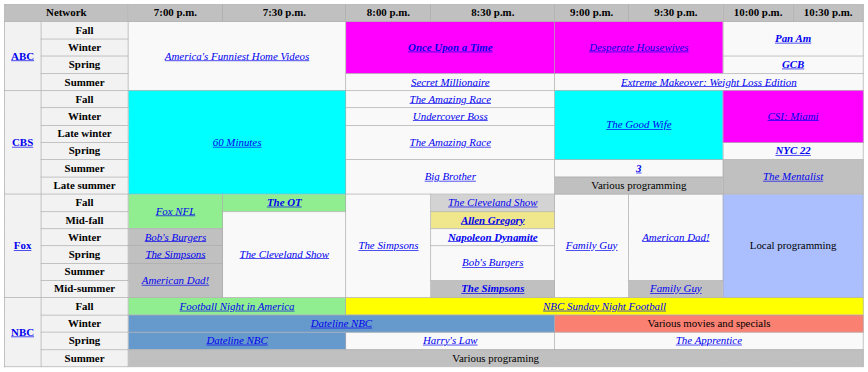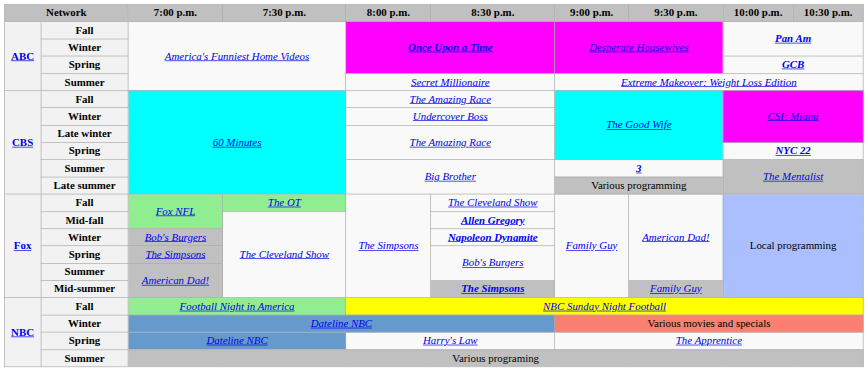 <table class="wikitable" style="width:100%;margin-right:0;text-align:center">
 <tr>
 <th colspan="2" style="background-color:#C0C0C0;text-align:center">Network</th>
 <th style="background-color:#C0C0C0;text-align:center">7:00 p.m.</th>
 <th style="background-color:#C0C0C0;text-align:center">7:30 p.m.</th>
 <th style="background-color:#C0C0C0;text-align:center">8:00 p.m.</th>
 <th style="background-color:#C0C0C0;text-align:center">8:30 p.m.</th>
 <th style="background-color:#C0C0C0;text-align:center">9:00 p.m.</th>
 <th style="background-color:#C0C0C0;text-align:center">9:30 p.m.</th>
 <th style="background-color:#C0C0C0;text-align:center">10:00 p.m.</th>
 <th style="background-color:#C0C0C0;text-align:center">10:30 p.m.</th>
 </tr>
 <tr>
 <th rowspan="4"><a href='#'>ABC</a></th>
 <th>Fall</th>
 <td rowspan="4" colspan="2"><em><a href='#'>America's Funniest Home Videos</a></em></td>
 <td style="background:#FF00FF;" rowspan="3" colspan="2"><strong><em><a href='#'>Once Upon a Time</a></em></strong> </td>
 <td style="background:#FF00FF;" rowspan="3" colspan="2"><em><a href='#'>Desperate Housewives</a></em> </td>
 <td colspan="2" rowspan="2"><strong><em><a href='#'>Pan Am</a></em></strong></td>
 </tr>
 <tr>
 <th>Winter</th>
 </tr>
 <tr>
 <th>Spring</th>
 <td colspan="2"><strong><em><a href='#'>GCB</a></em></strong></td>
 </tr>
 <tr>
 <th>Summer</th>
 <td colspan="2"><em><a href='#'>Secret Millionaire</a></em></td>
 <td colspan="4"><em><a href='#'>Extreme Makeover: Weight Loss Edition</a></em></td>
 </tr>
 <tr>
 <th rowspan="6"><a href='#'>CBS</a></th>
 <th>Fall</th>
 <td style="background:#00FFFF;" rowspan="6" colspan="2"><em><a href='#'>60 Minutes</a></em> </td>
 <td colspan="2"><em><a href='#'>The Amazing Race</a></em></td>
 <td style="background:#00FFFF;" rowspan="4" colspan="2"><em><a href='#'>The Good Wife</a></em> </td>
 <td style="background:#FF00FF;" rowspan="3" colspan="2"><em><a href='#'>CSI: Miami</a></em> </td>
 </tr>
 <tr>
 <th>Winter</th>
 <td colspan="2"><em><a href='#'>Undercover Boss</a></em></td>
 </tr>
 <tr>
 <th>Late winter</th>
 <td colspan="2" rowspan="2"><em><a href='#'>The Amazing Race</a></em></td>
 </tr>
 <tr>
 <th>Spring</th>
 <td colspan="2"><strong><em><a href='#'>NYC 22</a></em></strong></td>
 </tr>
 <tr>
 <th>Summer</th>
 <td colspan="2" rowspan="2"><em><a href='#'>Big Brother</a></em></td>
 <td colspan="2"><strong><em><a href='#'>3</a></em></strong></td>
 <td colspan="2" rowspan="2" style="background:#C0C0C0;"><em><a href='#'>The Mentalist</a></em> </td>
 </tr>
 <tr>
 <th>Late summer</th>
 <td colspan="2" style="background:#C0C0C0;">Various programming</td>
 </tr>
 <tr>
 <th rowspan="6"><a href='#'>Fox</a></th>
 <th>Fall</th>
 <td style="background:lightgreen;" rowspan="2"><em><a href='#'>Fox NFL</a></em></td>
-<td style="background:lightgreen;"><strong><em><a href='#'>The OT</a></em></strong></td>
+<td style="background:lightgreen;"><em><a href='#'>The OT</a></em></td>
 <td rowspan="6"><em><a href='#'>The Simpsons</a></em></td>
-<td style="background: lightgrey;"><em><a href='#'>The Cleveland Show</a></em></td>
+<td><em><a href='#'>The Cleveland Show</a></em></td>
 <td rowspan="6"><em><a href='#'>Family Guy</a></em></td>
 <td rowspan="5"><em><a href='#'>American Dad!</a></em></td>
 <td style="background:#abbfff;" rowspan="6" colspan="2">Local programming</td>
 </tr>
 <tr>
 <th>Mid-fall</th>
 <td rowspan="5"><em><a href='#'>The Cleveland Show</a></em></td>
-<td style="background: khaki;"><strong><em><a href='#'>Allen Gregory</a></em></strong></td>
+<td><strong><em><a href='#'>Allen Gregory</a></em></strong></td>
 </tr>
 <tr>
 <th>Winter</th>
 <td style="background:#C0C0C0;"><em><a href='#'>Bob's Burgers</a></em> </td>
 <td><strong><em><a href='#'>Napoleon Dynamite</a></em></strong></td>
 </tr>
 <tr>
 <th>Spring</th>
 <td style="background:#C0C0C0;"><em><a href='#'>The Simpsons</a></em> </td>
 <td rowspan="2"><em><a href='#'>Bob's Burgers</a></em></td>
 </tr>
 <tr>
 <th>Summer</th>
 <td style="background:#C0C0C0;" rowspan="2"><em><a href='#'>American Dad!</a></em> </td>
 </tr>
 <tr>
 <th>Mid-summer</th>
 <td style="background:#C0C0C0;"><strong><em><a href='#'>The Simpsons</a></em> </strong></td>
 <td style="background:#C0C0C0;"><em><a href='#'>Family Guy</a></em> </td>
 </tr>
 <tr>
 <th rowspan="4"><a href='#'>NBC</a></th>
 <th>Fall</th>
 <td colspan="2" style="background:lightgreen;"><em><a href='#'>Football Night in America</a></em></td>
 <td colspan="6" style="background:#FFFF00;"><em><a href='#'>NBC Sunday Night Football</a></em>   </td>
 </tr>
 <tr>
 <th>Winter</th>
 <td style="background:#6699CC;" colspan="4"><em><a href='#'>Dateline NBC</a></em></td>
 <td style="background:#FA8072;" colspan="4">Various movies and specials</td>
 </tr>
 <tr>
 <th>Spring</th>
 <td style="background:#6699CC;" colspan="2"><em><a href='#'>Dateline NBC</a></em></td>
 <td colspan="2"><em><a href='#'>Harry's Law</a></em></td>
 <td colspan="4"><em><a href='#'>The Apprentice</a></em></td>
 </tr>
 <tr>
 <th>Summer</th>
 <td colspan="8" style="background:#C0C0C0;">Various programing</td>
 </tr>
 </table>
